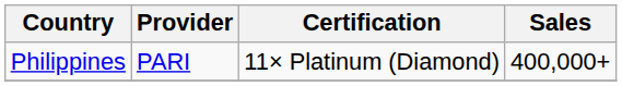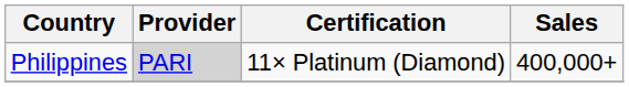 <table class="wikitable">
 <tr>
 <th>Country</th>
 <th>Provider</th>
 <th>Certification</th>
 <th>Sales</th>
 </tr>
 <tr>
 <td><a href='#'>Philippines</a></td>
-<td><a href='#'>PARI</a></td>
+<td style="background: lightgrey;"><a href='#'>PARI</a></td>
 <td>11× Platinum (Diamond)</td>
 <td>400,000+</td>
 </tr>
 <tr>
 </tr>
 </table>
